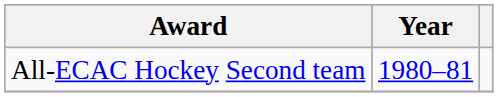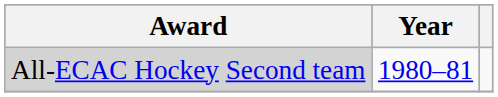 <table class="wikitable">
 <tr>
 <th>Award</th>
 <th>Year</th>
 <th></th>
 </tr>
 <tr>
-<td>All-<a href='#'>ECAC Hockey</a> <a href='#'>Second team</a></td>
+<td style="background: lightgrey;">All-<a href='#'>ECAC Hockey</a> <a href='#'>Second team</a></td>
 <td><a href='#'>1980–81</a></td>
 <td></td>
 </tr>
 <tr>
 </tr>
 </table>
